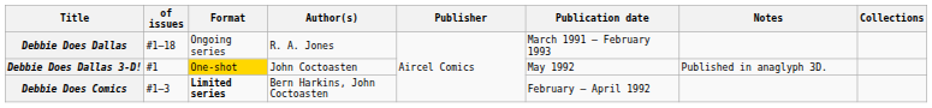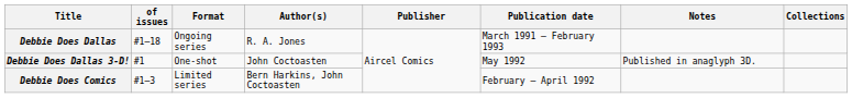 <table class="wikitable">
 <tr>
 <th>Title</th>
 <th style="width:40pt"> of issues</th>
 <th style="width:75pt">Format</th>
 <th style="width:125pt">Author(s)</th>
 <th style="width:125pt">Publisher</th>
 <th style="width:150pt">Publication date</th>
 <th style="width:175pt">Notes</th>
 <th>Collections</th>
 </tr>
 <tr>
 <th><em>Debbie Does Dallas</em></th>
 <td>#1—18</td>
 <td>Ongoing series</td>
 <td>R. A. Jones</td>
 <td rowspan="3">Aircel Comics</td>
 <td>March 1991 – February 1993</td>
 <td></td>
 <td></td>
 </tr>
 <tr>
 <th><em>Debbie Does Dallas 3-D!</em></th>
 <td>#1</td>
-<td style="background: gold;">One-shot</td>
+<td>One-shot</td>
 <td>John Coctoasten</td>
 <td>May 1992</td>
 <td>Published in anaglyph 3D.</td>
 <td></td>
 </tr>
 <tr>
 <th><em>Debbie Does Comics</em></th>
 <td>#1—3</td>
-<td><strong>Limited series</strong></td>
+<td>Limited series</td>
 <td>Bern Harkins, John Coctoasten</td>
 <td>February – April 1992</td>
 <td></td>
 <td></td>
 </tr>
 </table>
